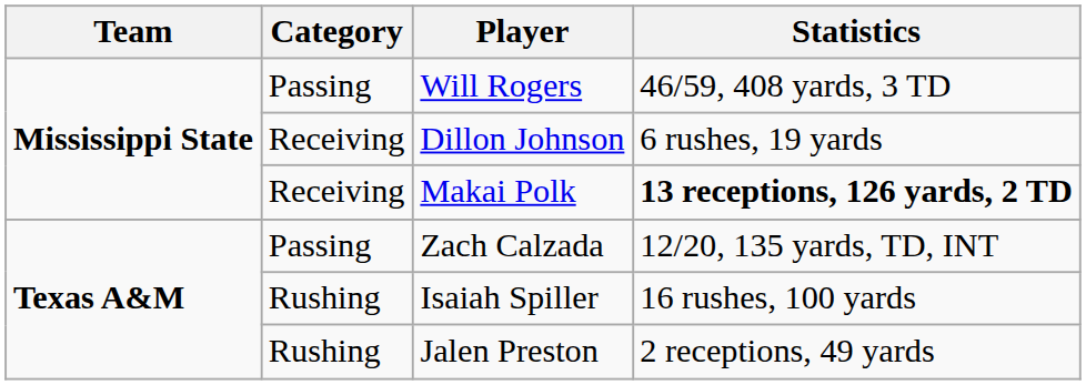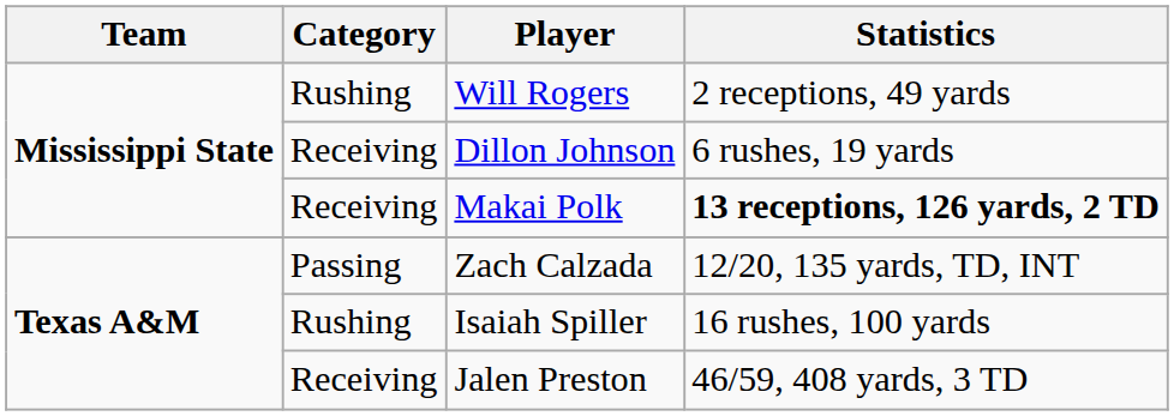 <table class="wikitable" style="float: right;">
 <tr>
 <th>Team</th>
 <th>Category</th>
 <th>Player</th>
 <th>Statistics</th>
 </tr>
 <tr>
 <td rowspan=3><strong>Mississippi State</strong></td>
-<td>Passing</td>
+<td>Rushing</td>
 <td><a href='#'>Will Rogers</a></td>
-<td>46/59, 408 yards, 3 TD</td>
+<td>2 receptions, 49 yards</td>
 </tr>
 <tr>
 <td>Receiving</td>
 <td><a href='#'>Dillon Johnson</a></td>
 <td>6 rushes, 19 yards</td>
 </tr>
 <tr>
 <td>Receiving</td>
 <td><a href='#'>Makai Polk</a></td>
 <td><strong>13 receptions, 126 yards, 2 TD</strong></td>
 </tr>
 <tr>
 <td rowspan=3><strong>Texas A&M</strong></td>
 <td>Passing</td>
 <td>Zach Calzada</td>
 <td>12/20, 135 yards, TD, INT</td>
 </tr>
 <tr>
 <td>Rushing</td>
 <td>Isaiah Spiller</td>
 <td>16 rushes, 100 yards</td>
 </tr>
 <tr>
-<td>Rushing</td>
+<td>Receiving</td>
 <td>Jalen Preston</td>
-<td>2 receptions, 49 yards</td>
+<td>46/59, 408 yards, 3 TD</td>
 </tr>
 </table>
